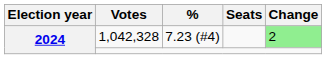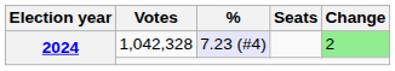 <table class=wikitable>
 <tr>
 <th>Election year</th>
 <th>Votes</th>
 <th>%</th>
 <th>Seats</th>
 <th>Change</th>
 </tr>
 <tr>
 <th rowspan="2"><a href='#'>2024</a></th>
 <td>1,042,328</td>
-<td>7.23 (#4)</td>
+<td style="background: lavender;">7.23 (#4)</td>
 <td></td>
 <td style="background: lightgreen;"> 2</td>
 </tr>
 <tr>
 <td colspan="4"></td>
 </tr>
 </table>
